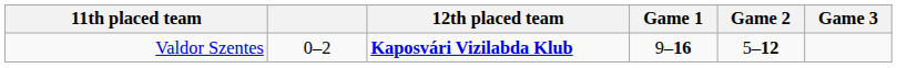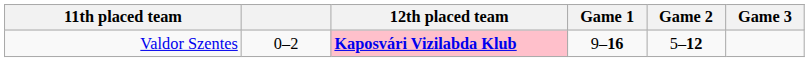 <table class=wikitable style="text-align:center">
 <tr>
 <th width=225>11th placed team</th>
 <th width=80></th>
 <th width=225>12th placed team</th>
 <th width=70>Game 1</th>
 <th width=70>Game 2</th>
 <th width=70>Game 3</th>
 </tr>
 <tr>
 <td align=right><a href='#'>Valdor Szentes</a> </td>
 <td>0–2</td>
-<td align=left> <strong><a href='#'>Kaposvári Vizilabda Klub</a></strong></td>
+<td align=left style="background: pink;"> <strong><a href='#'>Kaposvári Vizilabda Klub</a></strong></td>
 <td>9–<strong>16</strong></td>
 <td>5–<strong>12</strong></td>
 </tr>
 </table>
